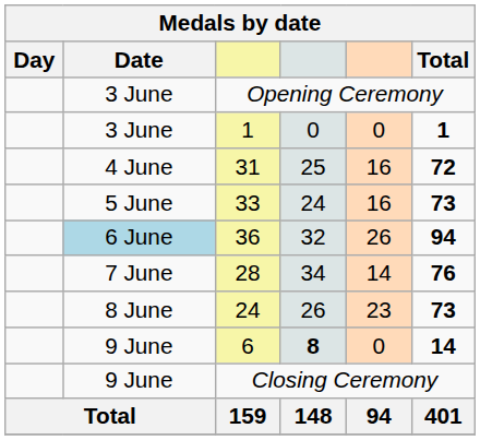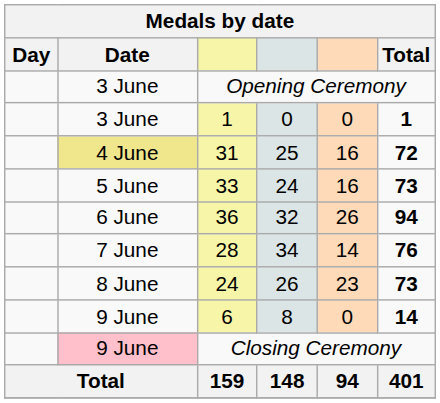 <table class="wikitable" style="font-size:90%; text-align:center">
 <tr style="background:#efefef;">
 <th colspan=6><strong>Medals by date</strong></th>
 </tr>
 <tr>
 <th width=30><strong>Day</strong></th>
 <th width=90><strong>Date</strong></th>
 <th width=35 style="background:#F7F6A8;"></th>
 <th width=35 style="background:#DCE5E5;"></th>
 <th width=35 style="background:#FFDAB9;"></th>
 <th width=30><strong>Total</strong></th>
 </tr>
 <tr>
 <td></td>
 <td>3 June</td>
 <td colspan="4" style="text-align:left center ;"> <em>Opening Ceremony</em></td>
 </tr>
 <tr>
 <td></td>
 <td>3 June</td>
 <td style="background:#F7F6A8;">1</td>
 <td style="background:#DCE5E5;">0</td>
 <td style="background:#FFDAB9;">0</td>
 <td><strong>1</strong></td>
 </tr>
 <tr>
 <td></td>
-<td>4 June</td>
+<td style="background: khaki;">4 June</td>
 <td style="background:#F7F6A8;">31</td>
 <td style="background:#DCE5E5;">25</td>
 <td style="background:#FFDAB9;">16</td>
 <td><strong>72</strong></td>
 </tr>
 <tr>
 <td></td>
 <td>5 June</td>
 <td style="background:#F7F6A8;">33</td>
 <td style="background:#DCE5E5;">24</td>
 <td style="background:#FFDAB9;">16</td>
 <td><strong>73</strong></td>
 </tr>
 <tr>
 <td></td>
-<td style="background: lightblue;">6 June</td>
+<td>6 June</td>
 <td style="background:#F7F6A8;">36</td>
 <td style="background:#DCE5E5;">32</td>
 <td style="background:#FFDAB9;">26</td>
 <td><strong>94</strong></td>
 </tr>
 <tr>
 <td></td>
 <td>7 June</td>
 <td style="background:#F7F6A8;">28</td>
 <td style="background:#DCE5E5;">34</td>
 <td style="background:#FFDAB9;">14</td>
 <td><strong>76</strong></td>
 </tr>
 <tr>
 <td></td>
 <td>8 June</td>
 <td style="background:#F7F6A8;">24</td>
 <td style="background:#DCE5E5;">26</td>
 <td style="background:#FFDAB9;">23</td>
 <td><strong>73</strong></td>
 </tr>
 <tr>
 <td></td>
 <td>9 June</td>
 <td style="background:#F7F6A8;">6</td>
-<td style="background:#DCE5E5;"><strong>8</strong></td>
+<td style="background:#DCE5E5;">8</td>
 <td style="background:#FFDAB9;">0</td>
 <td><strong>14</strong></td>
 </tr>
 <tr>
 <td></td>
-<td>9 June</td>
+<td style="background: pink;">9 June</td>
 <td colspan="4" style="text-align:left center ;"> <em>Closing Ceremony</em></td>
 </tr>
 <tr>
 <th colspan="2">Total</th>
 <th>159</th>
 <th>148</th>
 <th>94</th>
 <th><strong>401</strong></th>
 </tr>
 <tr>
 </tr>
 </table>
